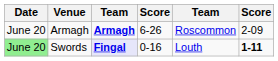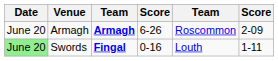 <table class="wikitable">
 <tr>
 <th>Date</th>
 <th>Venue</th>
 <th>Team</th>
 <th>Score</th>
 <th>Team</th>
 <th>Score</th>
 </tr>
 <tr>
 <td>June 20</td>
 <td>Armagh</td>
 <td> <a href='#'><strong>Armagh</strong></a></td>
 <td>6-26</td>
 <td> <a href='#'>Roscommon</a></td>
 <td>2-09</td>
 </tr>
 <tr>
 <td style="background: lightgreen;">June 20</td>
 <td>Swords</td>
-<td style="background: lavender;"> <a href='#'><strong>Fingal</strong></a></td>
+<td> <a href='#'><strong>Fingal</strong></a></td>
 <td>0-16</td>
 <td> <a href='#'>Louth</a></td>
-<td><strong>1-11</strong></td>
+<td>1-11</td>
 </tr>
 </table>
